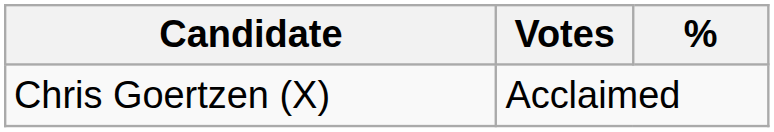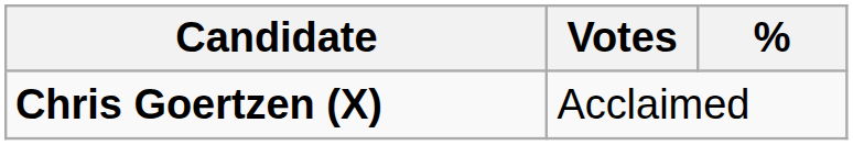 <table class="wikitable sortable">
 <tr>
 <th bgcolor="#DDDDFF" width="200px">Candidate</th>
 <th bgcolor="#DDDDFF" width="50px">Votes</th>
 <th bgcolor="#DDDDFF" width="50px">%</th>
 </tr>
 <tr>
-<td>Chris Goertzen (X)</td>
+<td><strong>Chris Goertzen (X)</strong></td>
 <td colspan="2">Acclaimed</td>
 </tr>
 </table>
